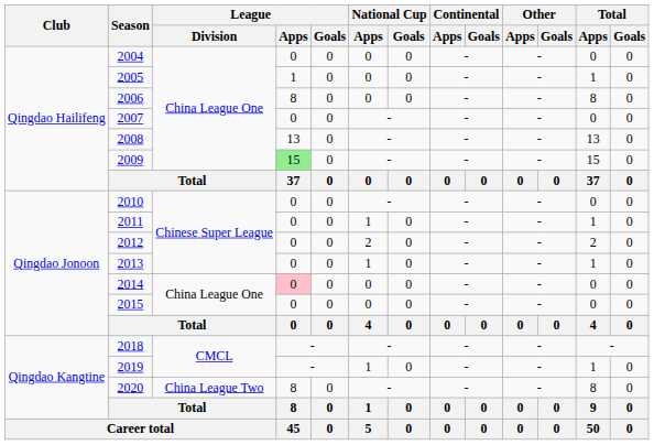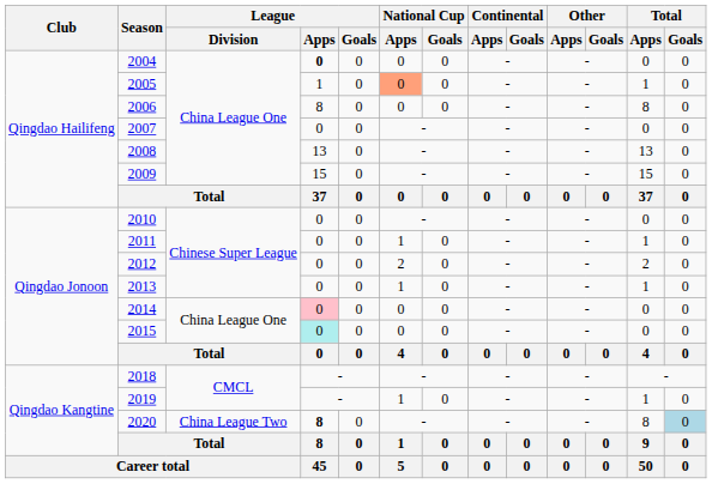 <table class="wikitable" style="text-align: center">
 <tr>
 <th rowspan="2">Club</th>
 <th rowspan="2">Season</th>
 <th colspan="3">League</th>
 <th colspan="2">National Cup</th>
 <th colspan="2">Continental</th>
 <th colspan="2">Other</th>
 <th colspan="2">Total</th>
 </tr>
 <tr>
 <th>Division</th>
 <th>Apps</th>
 <th>Goals</th>
 <th>Apps</th>
 <th>Goals</th>
 <th>Apps</th>
 <th>Goals</th>
 <th>Apps</th>
 <th>Goals</th>
 <th>Apps</th>
 <th>Goals</th>
 </tr>
 <tr>
 <td rowspan=7><a href='#'>Qingdao Hailifeng</a></td>
 <td><a href='#'>2004</a></td>
 <td rowspan="6"><a href='#'>China League One</a></td>
-<td>0</td>
+<td><strong>0</strong></td>
 <td>0</td>
 <td>0</td>
 <td>0</td>
 <td colspan="2">-</td>
 <td colspan="2">-</td>
 <td>0</td>
 <td>0</td>
 </tr>
 <tr>
 <td><a href='#'>2005</a></td>
 <td>1</td>
 <td>0</td>
-<td>0</td>
+<td style="background: lightsalmon;">0</td>
 <td>0</td>
 <td colspan="2">-</td>
 <td colspan="2">-</td>
 <td>1</td>
 <td>0</td>
 </tr>
 <tr>
 <td><a href='#'>2006</a></td>
 <td>8</td>
 <td>0</td>
 <td>0</td>
 <td>0</td>
 <td colspan="2">-</td>
 <td colspan="2">-</td>
 <td>8</td>
 <td>0</td>
 </tr>
 <tr>
 <td><a href='#'>2007</a></td>
 <td>0</td>
 <td>0</td>
 <td colspan="2">-</td>
 <td colspan="2">-</td>
 <td colspan="2">-</td>
 <td>0</td>
 <td>0</td>
 </tr>
 <tr>
 <td><a href='#'>2008</a></td>
 <td>13</td>
 <td>0</td>
 <td colspan="2">-</td>
 <td colspan="2">-</td>
 <td colspan="2">-</td>
 <td>13</td>
 <td>0</td>
 </tr>
 <tr>
 <td><a href='#'>2009</a></td>
-<td style="background: lightgreen;">15</td>
+<td>15</td>
 <td>0</td>
 <td colspan="2">-</td>
 <td colspan="2">-</td>
 <td colspan="2">-</td>
 <td>15</td>
 <td>0</td>
 </tr>
 <tr>
 <th colspan=2>Total</th>
 <th>37</th>
 <th>0</th>
 <th>0</th>
 <th>0</th>
 <th>0</th>
 <th>0</th>
 <th>0</th>
 <th>0</th>
 <th>37</th>
 <th>0</th>
 </tr>
 <tr>
 <td rowspan=7><a href='#'>Qingdao Jonoon</a></td>
 <td><a href='#'>2010</a></td>
 <td rowspan="4"><a href='#'>Chinese Super League</a></td>
 <td>0</td>
 <td>0</td>
 <td colspan="2">-</td>
 <td colspan="2">-</td>
 <td colspan="2">-</td>
 <td>0</td>
 <td>0</td>
 </tr>
 <tr>
 <td><a href='#'>2011</a></td>
 <td>0</td>
 <td>0</td>
 <td>1</td>
 <td>0</td>
 <td colspan="2">-</td>
 <td colspan="2">-</td>
 <td>1</td>
 <td>0</td>
 </tr>
 <tr>
 <td><a href='#'>2012</a></td>
 <td>0</td>
 <td>0</td>
 <td>2</td>
 <td>0</td>
 <td colspan="2">-</td>
 <td colspan="2">-</td>
 <td>2</td>
 <td>0</td>
 </tr>
 <tr>
 <td><a href='#'>2013</a></td>
 <td>0</td>
 <td>0</td>
 <td>1</td>
 <td>0</td>
 <td colspan="2">-</td>
 <td colspan="2">-</td>
 <td>1</td>
 <td>0</td>
 </tr>
 <tr>
 <td><a href='#'>2014</a></td>
 <td rowspan="2">China League One</td>
 <td style="background: pink;">0</td>
 <td>0</td>
 <td>0</td>
 <td>0</td>
 <td colspan="2">-</td>
 <td colspan="2">-</td>
 <td>0</td>
 <td>0</td>
 </tr>
 <tr>
 <td><a href='#'>2015</a></td>
-<td>0</td>
+<td style="background: paleturquoise;">0</td>
 <td>0</td>
 <td>0</td>
 <td>0</td>
 <td colspan="2">-</td>
 <td colspan="2">-</td>
 <td>0</td>
 <td>0</td>
 </tr>
 <tr>
 <th colspan=2>Total</th>
 <th>0</th>
 <th>0</th>
 <th>4</th>
 <th>0</th>
 <th>0</th>
 <th>0</th>
 <th>0</th>
 <th>0</th>
 <th>4</th>
 <th>0</th>
 </tr>
 <tr>
 <td rowspan=4><a href='#'>Qingdao Kangtine</a></td>
 <td><a href='#'>2018</a></td>
 <td rowspan=2><a href='#'>CMCL</a></td>
 <td colspan="2">-</td>
 <td colspan="2">-</td>
 <td colspan="2">-</td>
 <td colspan="2">-</td>
 <td colspan="2">-</td>
 </tr>
 <tr>
 <td><a href='#'>2019</a></td>
 <td colspan="2">-</td>
 <td>1</td>
 <td>0</td>
 <td colspan="2">-</td>
 <td colspan="2">-</td>
 <td>1</td>
 <td>0</td>
 </tr>
 <tr>
 <td><a href='#'>2020</a></td>
 <td><a href='#'>China League Two</a></td>
-<td>8</td>
+<td><strong>8</strong></td>
 <td>0</td>
 <td colspan="2">-</td>
 <td colspan="2">-</td>
 <td colspan="2">-</td>
 <td>8</td>
-<td>0</td>
+<td style="background: lightblue;">0</td>
 </tr>
 <tr>
 <th colspan=2>Total</th>
 <th>8</th>
 <th>0</th>
 <th>1</th>
 <th>0</th>
 <th>0</th>
 <th>0</th>
 <th>0</th>
 <th>0</th>
 <th>9</th>
 <th>0</th>
 </tr>
 <tr>
 <th colspan=3>Career total</th>
 <th>45</th>
 <th>0</th>
 <th>5</th>
 <th>0</th>
 <th>0</th>
 <th>0</th>
 <th>0</th>
 <th>0</th>
 <th>50</th>
 <th>0</th>
 </tr>
 </table>
